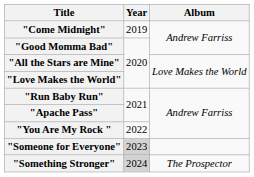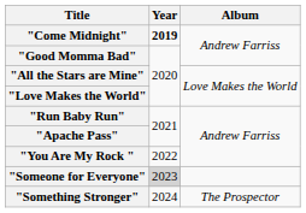 <table class="wikitable plainrowheaders" style="text-align:center;" border="1">
 <tr>
 <th>Title</th>
 <th>Year</th>
 <th>Album</th>
 </tr>
 <tr>
 <th scope="row">"Come Midnight"</th>
-<td>2019</td>
+<td><strong>2019</strong></td>
 <td rowspan="2"><em>Andrew Farriss</em></td>
 </tr>
 <tr>
 <th scope="row">"Good Momma Bad"</th>
 <td rowspan="3">2020</td>
 </tr>
 <tr>
 <th scope="row">"All the Stars are Mine"</th>
 <td rowspan="2"><em>Love Makes the World</em></td>
 </tr>
 <tr>
 <th scope="row">"Love Makes the World"</th>
 </tr>
 <tr>
 <th scope="row">"Run Baby Run"</th>
 <td rowspan="2">2021</td>
 <td rowspan="3"><em>Andrew Farriss</em></td>
 </tr>
 <tr>
 <th scope="row">"Apache Pass"</th>
 </tr>
 <tr>
 <th scope="row">"You Are My Rock "</th>
 <td rowspan="1">2022</td>
 </tr>
 <tr>
 <th scope="row">"Someone for Everyone"</th>
 <td style="background: lightgrey;">2023</td>
 <td></td>
 </tr>
 <tr>
 <th scope="row">"Something Stronger"</th>
-<td style="background: lightgrey;">2024</td>
+<td>2024</td>
 <td><em>The Prospector</em></td>
 </tr>
 </table>
